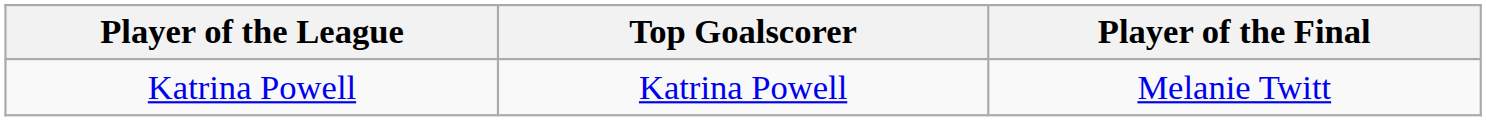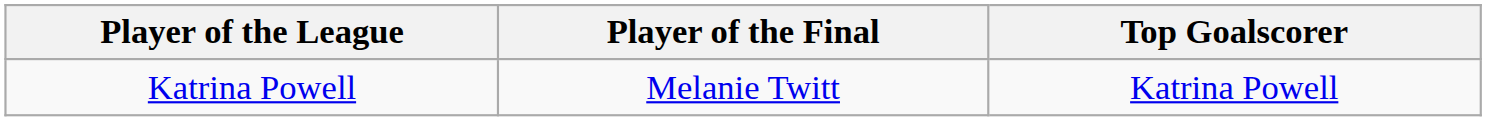 <table class=wikitable style="margin:auto; text-align:center">
 <tr>
 <th style="width: 220px;">Player of the League</th>
+<th style="width: 220px;">Player of the Final</th>
 <th style="width: 220px;">Top Goalscorer</th>
-<th style="width: 220px;">Player of the Final</th>
 </tr>
 <tr>
 <td> <a href='#'>Katrina Powell</a></td>
+<td> <a href='#'>Melanie Twitt</a></td>
 <td> <a href='#'>Katrina Powell</a></td>
-<td> <a href='#'>Melanie Twitt</a></td>
 </tr>
 </table>
